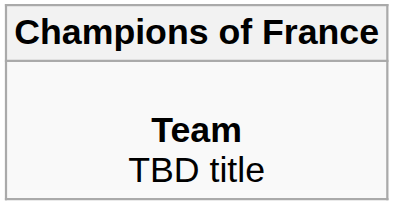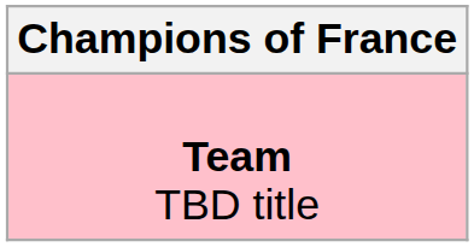 <table class=wikitable style="text-align:center; margin:auto">
 <tr>
 <th>Champions of France</th>
 </tr>
 <tr>
-<td> <br><strong>Team</strong><br>TBD title</td>
+<td style="background: pink;"> <br><strong>Team</strong><br>TBD title</td>
 </tr>
 </table>
